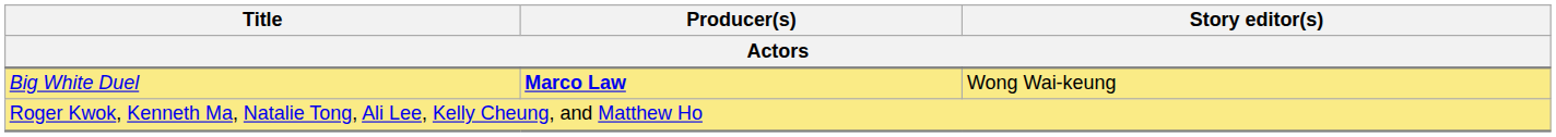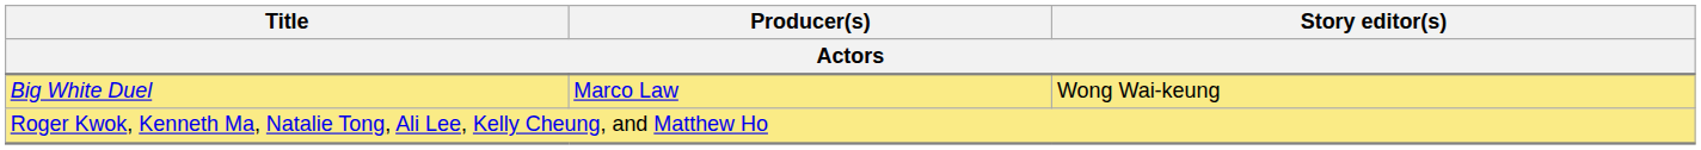 <table class="wikitable" border="1" width="100%">
 <tr style="background:#bebebe">
 <th>Title</th>
 <th>Producer(s)</th>
 <th>Story editor(s)</th>
 </tr>
 <tr style="background:#bebebe">
 <th colspan="3" style="border-bottom:2px solid grey">Actors</th>
 </tr>
 <tr style="background:#FAEB86">
 <td><em><a href='#'>Big White Duel</a></em></td>
-<td><strong><a href='#'>Marco Law</a></strong></td>
+<td><a href='#'>Marco Law</a></td>
 <td>Wong Wai-keung</td>
 </tr>
 <tr style="background:#FAEB86">
 <td colspan="3" style="border-bottom:2px solid grey"><a href='#'>Roger Kwok</a>, <a href='#'>Kenneth Ma</a>, <a href='#'>Natalie Tong</a>, <a href='#'>Ali Lee</a>, <a href='#'>Kelly Cheung</a>, and <a href='#'>Matthew Ho</a></td>
 </tr>
 </table>
